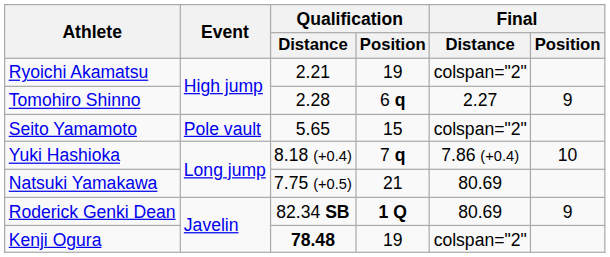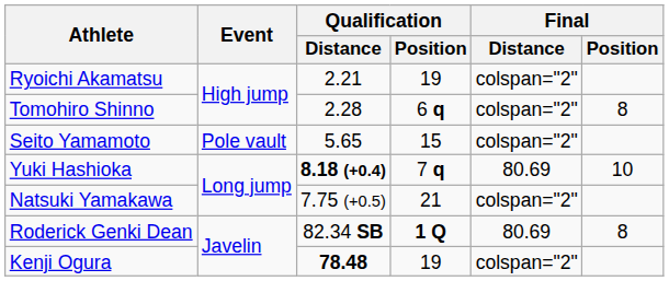 <table class="wikitable" style="font-size:90%">
 <tr>
 <th rowspan="2">Athlete</th>
 <th rowspan="2">Event</th>
 <th colspan="2">Qualification</th>
 <th colspan="2">Final</th>
 </tr>
 <tr style="font-size:95%">
 <th>Distance</th>
 <th>Position</th>
 <th>Distance</th>
 <th>Position</th>
 </tr>
 <tr align="center">
 <td align="left"><a href='#'>Ryoichi Akamatsu</a></td>
 <td rowspan="2" align="left"><a href='#'>High jump</a></td>
 <td>2.21</td>
 <td>19</td>
 <td>colspan="2" </td>
 </tr>
 <tr align="center">
 <td align="left"><a href='#'>Tomohiro Shinno</a></td>
 <td>2.28</td>
 <td>6 <strong>q</strong></td>
-<td>2.27</td>
-<td>9</td>
+<td>colspan="2" </td>
+<td>8</td>
 </tr>
 <tr align="center">
 <td align="left"><a href='#'>Seito Yamamoto</a></td>
 <td align="left"><a href='#'>Pole vault</a></td>
 <td>5.65</td>
 <td>15</td>
 <td>colspan="2" </td>
 </tr>
 <tr align="center">
 <td align="left"><a href='#'>Yuki Hashioka</a></td>
 <td rowspan="2" align="left"><a href='#'>Long jump</a></td>
-<td>8.18 <small>(+0.4)</small></td>
+<td><strong>8.18 <small>(+0.4)</small></strong></td>
 <td>7 <strong>q</strong></td>
-<td>7.86 <small>(+0.4)</small></td>
+<td>80.69</td>
 <td>10</td>
 </tr>
 <tr align="center">
 <td align="left"><a href='#'>Natsuki Yamakawa</a></td>
 <td>7.75 <small>(+0.5)</small></td>
 <td>21</td>
-<td>80.69</td>
+<td>colspan="2" </td>
 </tr>
 <tr align="center">
 <td align="left"><a href='#'>Roderick Genki Dean</a></td>
 <td rowspan="2" align="left"><a href='#'>Javelin</a></td>
 <td>82.34 <strong>SB</strong></td>
 <td><strong>1</strong> <strong>Q</strong></td>
 <td>80.69</td>
-<td>9</td>
+<td>8</td>
 </tr>
 <tr align="center">
 <td align="left"><a href='#'>Kenji Ogura</a></td>
 <td><strong>78.48</strong></td>
 <td>19</td>
 <td>colspan="2" </td>
 </tr>
 </table>
